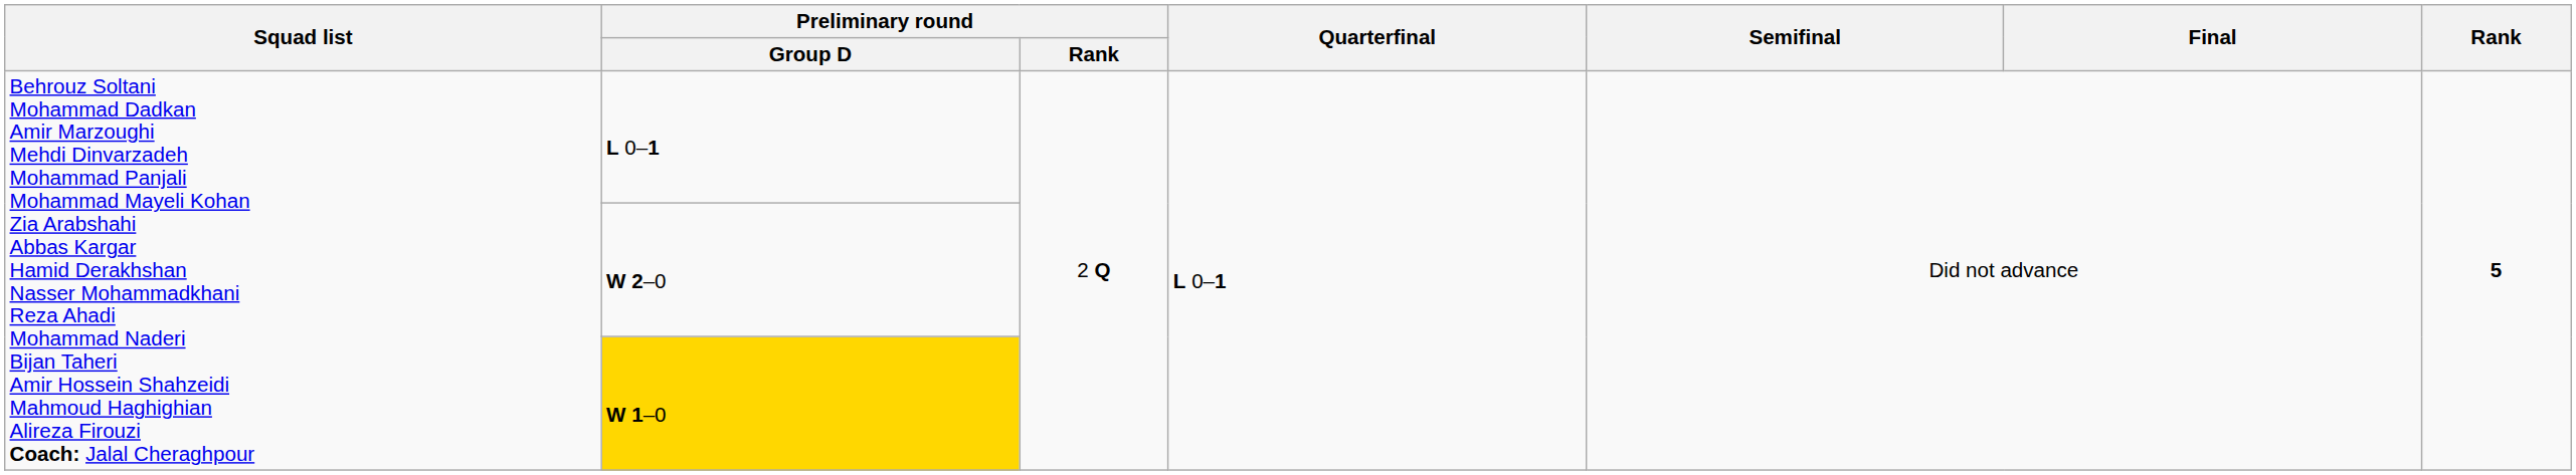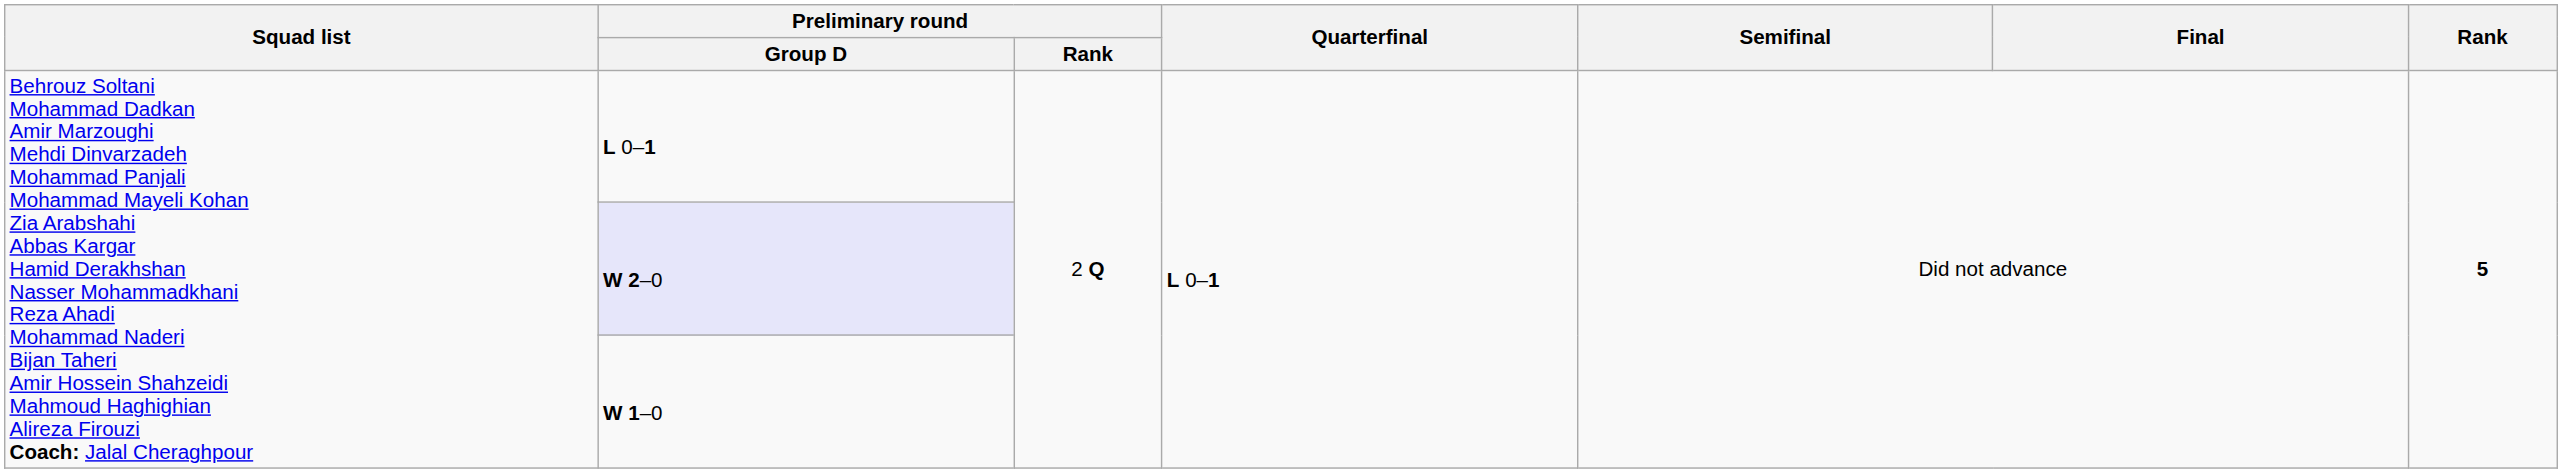 <table class="wikitable" width="90%" style="text-align:left; font-size:90%">
 <tr>
 <th rowspan="2" width="20%">Squad list</th>
 <th colspan="2">Preliminary round</th>
 <th rowspan="2" width="14%">Quarterfinal</th>
 <th rowspan="2" width="14%">Semifinal</th>
 <th rowspan="2" width="14%">Final</th>
 <th rowspan="2" width="5%">Rank</th>
 </tr>
 <tr>
 <th width="14%">Group D</th>
 <th width="5%">Rank</th>
 </tr>
 <tr>
 <td rowspan="3"><a href='#'>Behrouz Soltani</a><br><a href='#'>Mohammad Dadkan</a><br><a href='#'>Amir Marzoughi</a><br><a href='#'>Mehdi Dinvarzadeh</a><br><a href='#'>Mohammad Panjali</a><br><a href='#'>Mohammad Mayeli Kohan</a><br><a href='#'>Zia Arabshahi</a><br><a href='#'>Abbas Kargar</a><br><a href='#'>Hamid Derakhshan</a><br><a href='#'>Nasser Mohammadkhani</a><br><a href='#'>Reza Ahadi</a><br><a href='#'>Mohammad Naderi</a><br><a href='#'>Bijan Taheri</a><br><a href='#'>Amir Hossein Shahzeidi</a><br><a href='#'>Mahmoud Haghighian</a><br><a href='#'>Alireza Firouzi</a><br> <strong>Coach:</strong> <a href='#'>Jalal Cheraghpour</a></td>
 <td><br><strong>L</strong> 0–<strong>1</strong></td>
 <td rowspan="3" align=center>2 <strong>Q</strong></td>
 <td rowspan="3"><br><strong>L</strong> 0–<strong>1</strong></td>
 <td rowspan="3" colspan="2" align=center>Did not advance</td>
 <td rowspan="3" align=center><strong>5</strong></td>
 </tr>
 <tr>
-<td><br><strong>W</strong> <strong>2</strong>–0</td>
+<td style="background: lavender;"><br><strong>W</strong> <strong>2</strong>–0</td>
 </tr>
 <tr>
-<td style="background: gold;"><br><strong>W</strong> <strong>1</strong>–0</td>
+<td><br><strong>W</strong> <strong>1</strong>–0</td>
 </tr>
 </table>
